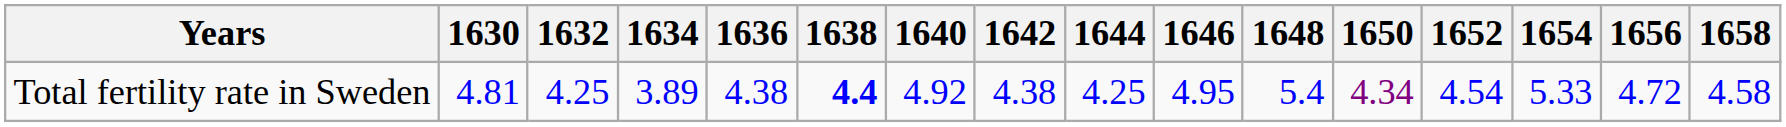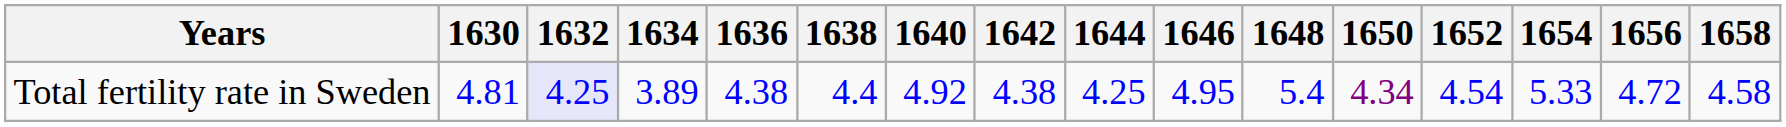 <table class="wikitable " style="text-align:right">
 <tr>
 <th>Years</th>
 <th>1630</th>
 <th>1632</th>
 <th>1634</th>
 <th>1636</th>
 <th>1638</th>
 <th>1640</th>
 <th>1642</th>
 <th>1644</th>
 <th>1646</th>
 <th>1648</th>
 <th>1650</th>
 <th>1652</th>
 <th>1654</th>
 <th>1656</th>
 <th>1658</th>
 </tr>
 <tr>
 <td style="text-align:left;">Total fertility rate in Sweden</td>
 <td style="text-align:right; color:blue;">4.81</td>
-<td style="text-align:right; color:blue;">4.25</td>
+<td style="background: lavender; text-align:right; color:blue;">4.25</td>
 <td style="text-align:right; color:blue;">3.89</td>
 <td style="text-align:right; color:blue;">4.38</td>
-<td style="text-align:right; color:blue;"><strong>4.4</strong></td>
+<td style="text-align:right; color:blue;">4.4</td>
 <td style="text-align:right; color:blue;">4.92</td>
 <td style="text-align:right; color:blue;">4.38</td>
 <td style="text-align:right; color:blue;">4.25</td>
 <td style="text-align:right; color:blue;">4.95</td>
 <td style="text-align:right; color:blue;">5.4</td>
 <td style="text-align:right; color:purple;">4.34</td>
 <td style="text-align:right; color:blue;">4.54</td>
 <td style="text-align:right; color:blue;">5.33</td>
 <td style="text-align:right; color:blue;">4.72</td>
 <td style="text-align:right; color:blue;">4.58</td>
 </tr>
 </table>
